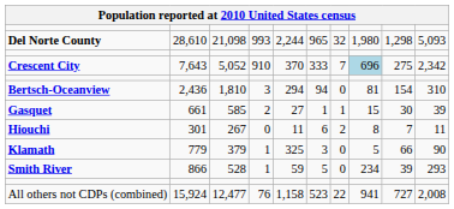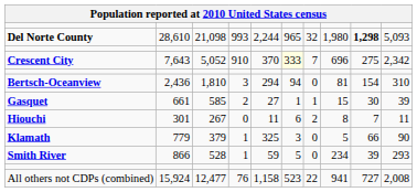 <table class="wikitable collapsible collapsed">
 <tr>
 <th colspan="10">Population reported at <a href='#'>2010 United States census</a></th>
 </tr>
 <tr>
 <td></td>
 <td></td>
 <td></td>
 <td></td>
 <td></td>
 <td></td>
 <td></td>
 <td></td>
 <td></td>
 <td></td>
 </tr>
 <tr>
 <td><strong> Del Norte County</strong></td>
 <td align="right">28,610</td>
 <td align="right">21,098</td>
 <td align="right">993</td>
 <td align="right">2,244</td>
 <td align="right">965</td>
 <td align="right">32</td>
 <td align="right">1,980</td>
-<td align="right">1,298</td>
+<td align="right"><strong>1,298</strong></td>
 <td align="right">5,093</td>
 </tr>
 <tr>
 <td></td>
 <td></td>
 <td></td>
 <td></td>
 <td></td>
 <td></td>
 <td></td>
 <td></td>
 <td></td>
 <td></td>
 </tr>
 <tr>
 <td><strong><a href='#'>Crescent City</a></strong></td>
 <td align="right">7,643</td>
 <td align="right">5,052</td>
 <td align="right">910</td>
 <td align="right">370</td>
-<td align="right">333</td>
+<td align="right" style="background: lightyellow;">333</td>
 <td align="right">7</td>
-<td align="right" style="background: lightblue;">696</td>
+<td align="right">696</td>
 <td align="right">275</td>
 <td align="right">2,342</td>
 </tr>
 <tr>
 <td></td>
 <td></td>
 <td></td>
 <td></td>
 <td></td>
 <td></td>
 <td></td>
 <td></td>
 <td></td>
 <td></td>
 </tr>
 <tr>
 <td><strong><a href='#'>Bertsch-Oceanview</a></strong></td>
 <td align="right">2,436</td>
 <td align="right">1,810</td>
 <td align="right">3</td>
 <td align="right">294</td>
 <td align="right">94</td>
 <td align="right">0</td>
 <td align="right">81</td>
 <td align="right">154</td>
 <td align="right">310</td>
 </tr>
 <tr>
 <td><strong><a href='#'>Gasquet</a></strong></td>
 <td align="right">661</td>
 <td align="right">585</td>
 <td align="right">2</td>
 <td align="right">27</td>
 <td align="right">1</td>
 <td align="right">1</td>
 <td align="right">15</td>
 <td align="right">30</td>
 <td align="right">39</td>
 </tr>
 <tr>
 <td><strong><a href='#'>Hiouchi</a></strong></td>
 <td align="right">301</td>
 <td align="right">267</td>
 <td align="right">0</td>
 <td align="right">11</td>
 <td align="right">6</td>
 <td align="right">2</td>
 <td align="right">8</td>
 <td align="right">7</td>
 <td align="right">11</td>
 </tr>
 <tr>
 <td><strong><a href='#'>Klamath</a></strong></td>
 <td align="right">779</td>
 <td align="right">379</td>
 <td align="right">1</td>
 <td align="right">325</td>
 <td align="right">3</td>
 <td align="right">0</td>
 <td align="right">5</td>
 <td align="right">66</td>
 <td align="right">90</td>
 </tr>
 <tr>
 <td><strong><a href='#'>Smith River</a></strong></td>
 <td align="right">866</td>
 <td align="right">528</td>
 <td align="right">1</td>
 <td align="right">59</td>
 <td align="right">5</td>
 <td align="right">0</td>
 <td align="right">234</td>
 <td align="right">39</td>
 <td align="right">293</td>
 </tr>
 <tr>
 <td></td>
 <td></td>
 <td></td>
 <td></td>
 <td></td>
 <td></td>
 <td></td>
 <td></td>
 <td></td>
 <td></td>
 </tr>
 <tr>
 <td>All others not CDPs (combined)</td>
 <td align="right">15,924</td>
 <td align="right">12,477</td>
 <td align="right">76</td>
 <td align="right">1,158</td>
 <td align="right">523</td>
 <td align="right">22</td>
 <td align="right">941</td>
 <td align="right">727</td>
 <td align="right">2,008</td>
 </tr>
 </table>
